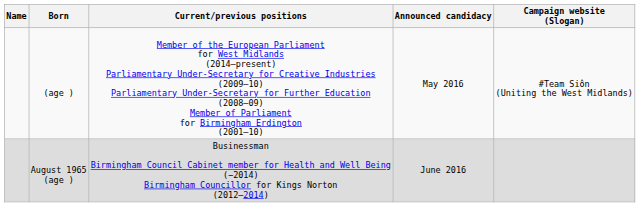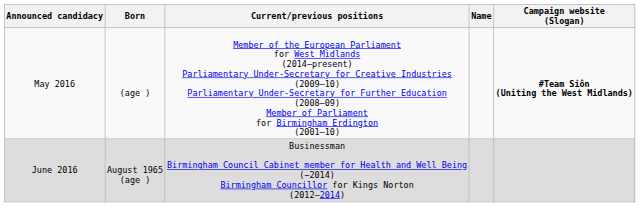 <table class="wikitable sortable" style="text-align:center">
 <tr>
-<th>Name</th>
+<th>Announced candidacy</th>
 <th>Born</th>
 <th>Current/previous positions</th>
-<th>Announced candidacy</th>
+<th>Name</th>
 <th>Campaign website<br> (Slogan)</th>
 </tr>
 <tr>
-<td><br> <strong></strong></td>
+<td>May 2016</td>
 <td><br> <br> (age )</td>
 <td><br><a href='#'>Member of the European Parliament</a><br>for <a href='#'>West Midlands</a><br> (2014–present)<br> <a href='#'>Parliamentary Under-Secretary for Creative Industries</a><br> (2009–10)<br> <a href='#'>Parliamentary Under-Secretary for Further Education</a><br> (2008–09)<br> <a href='#'>Member of Parliament</a><br>for <a href='#'>Birmingham Erdington</a><br> (2001–10)</td>
-<td>May 2016</td>
-<td><br>#Team Siôn<br>(Uniting the West Midlands)</td>
+<td><br> <strong></strong></td>
+<td><strong><br>#Team Siôn<br>(Uniting the West Midlands)</strong></td>
 </tr>
 <tr style="background: #DDDDDD">
-<td><br><strong></strong></td>
+<td>June 2016</td>
 <td><br>August 1965<br> (age )</td>
 <td>Businessman<br><br><a href='#'>Birmingham Council Cabinet member for Health and Well Being</a><br> (−2014)<br> <a href='#'>Birmingham Councillor</a> for Kings Norton<br> (2012–<a href='#'>2014</a>)</td>
-<td>June 2016</td>
+<td><br><strong></strong></td>
 <td></td>
 </tr>
 </table>
